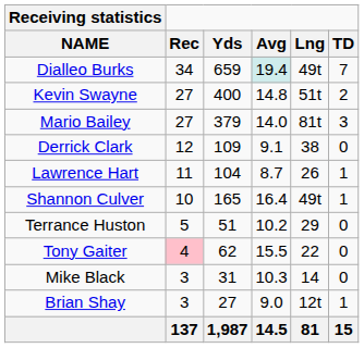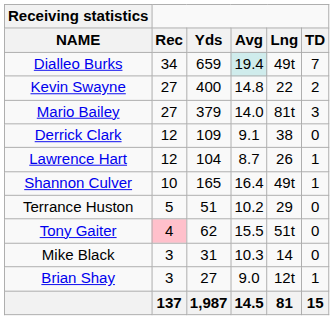 <table class="wikitable sortable" style="text-align:center;">
 <tr>
 <th style="text-align:center;">Receiving statistics</th>
 </tr>
 <tr>
 <th>NAME</th>
 <th>Rec</th>
 <th>Yds</th>
 <th>Avg</th>
 <th>Lng</th>
 <th>TD</th>
 </tr>
 <tr>
 <td><a href='#'>Dialleo Burks</a></td>
 <td>34</td>
 <td>659</td>
 <td style="background:#cfecec;">19.4</td>
 <td>49t</td>
 <td>7</td>
 </tr>
 <tr>
 <td><a href='#'>Kevin Swayne</a></td>
 <td>27</td>
 <td>400</td>
 <td>14.8</td>
-<td>51t</td>
+<td>22</td>
 <td>2</td>
 </tr>
 <tr>
 <td><a href='#'>Mario Bailey</a></td>
 <td>27</td>
 <td>379</td>
 <td>14.0</td>
 <td>81t</td>
 <td>3</td>
 </tr>
 <tr>
 <td><a href='#'>Derrick Clark</a></td>
 <td>12</td>
 <td>109</td>
 <td>9.1</td>
 <td>38</td>
 <td>0</td>
 </tr>
 <tr>
 <td><a href='#'>Lawrence Hart</a></td>
-<td>11</td>
+<td>12</td>
 <td>104</td>
 <td>8.7</td>
 <td>26</td>
 <td>1</td>
 </tr>
 <tr>
 <td><a href='#'>Shannon Culver</a></td>
 <td>10</td>
 <td>165</td>
 <td>16.4</td>
 <td>49t</td>
 <td>1</td>
 </tr>
 <tr>
 <td>Terrance Huston</td>
 <td>5</td>
 <td>51</td>
 <td>10.2</td>
 <td>29</td>
 <td>0</td>
 </tr>
 <tr>
 <td><a href='#'>Tony Gaiter</a></td>
 <td style="background: pink;">4</td>
 <td>62</td>
 <td>15.5</td>
-<td>22</td>
+<td>51t</td>
 <td>0</td>
 </tr>
 <tr>
 <td>Mike Black</td>
 <td>3</td>
 <td>31</td>
 <td>10.3</td>
 <td>14</td>
 <td>0</td>
 </tr>
 <tr>
 <td><a href='#'>Brian Shay</a></td>
 <td>3</td>
 <td>27</td>
 <td>9.0</td>
 <td>12t</td>
 <td>1</td>
 </tr>
 <tr>
 <th colspan="1"></th>
 <th>137</th>
 <th>1,987</th>
 <th>14.5</th>
 <th>81</th>
 <th>15</th>
 </tr>
 </table>
